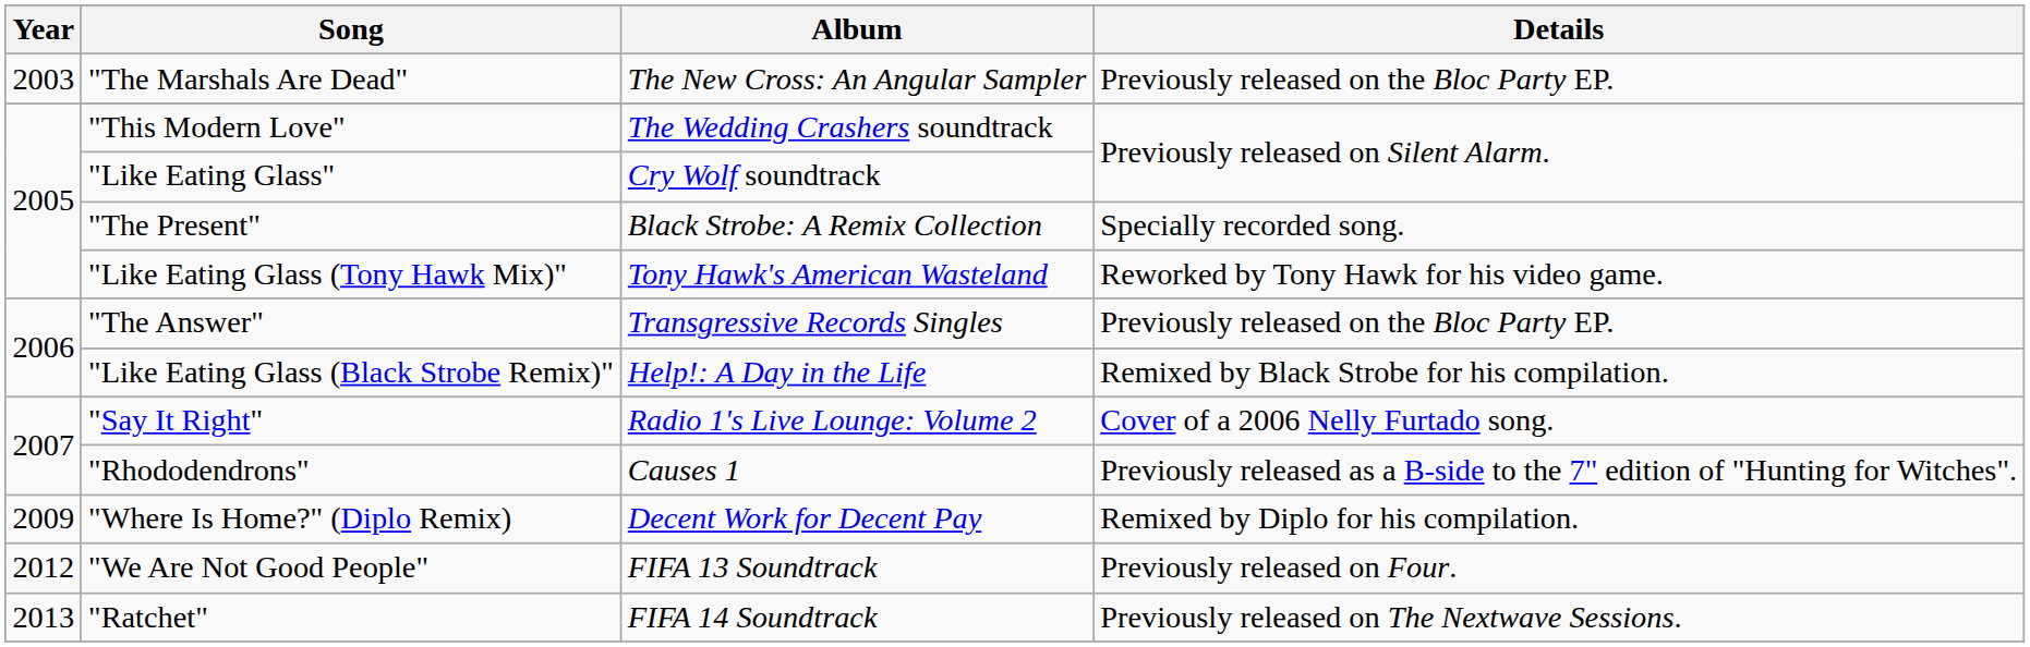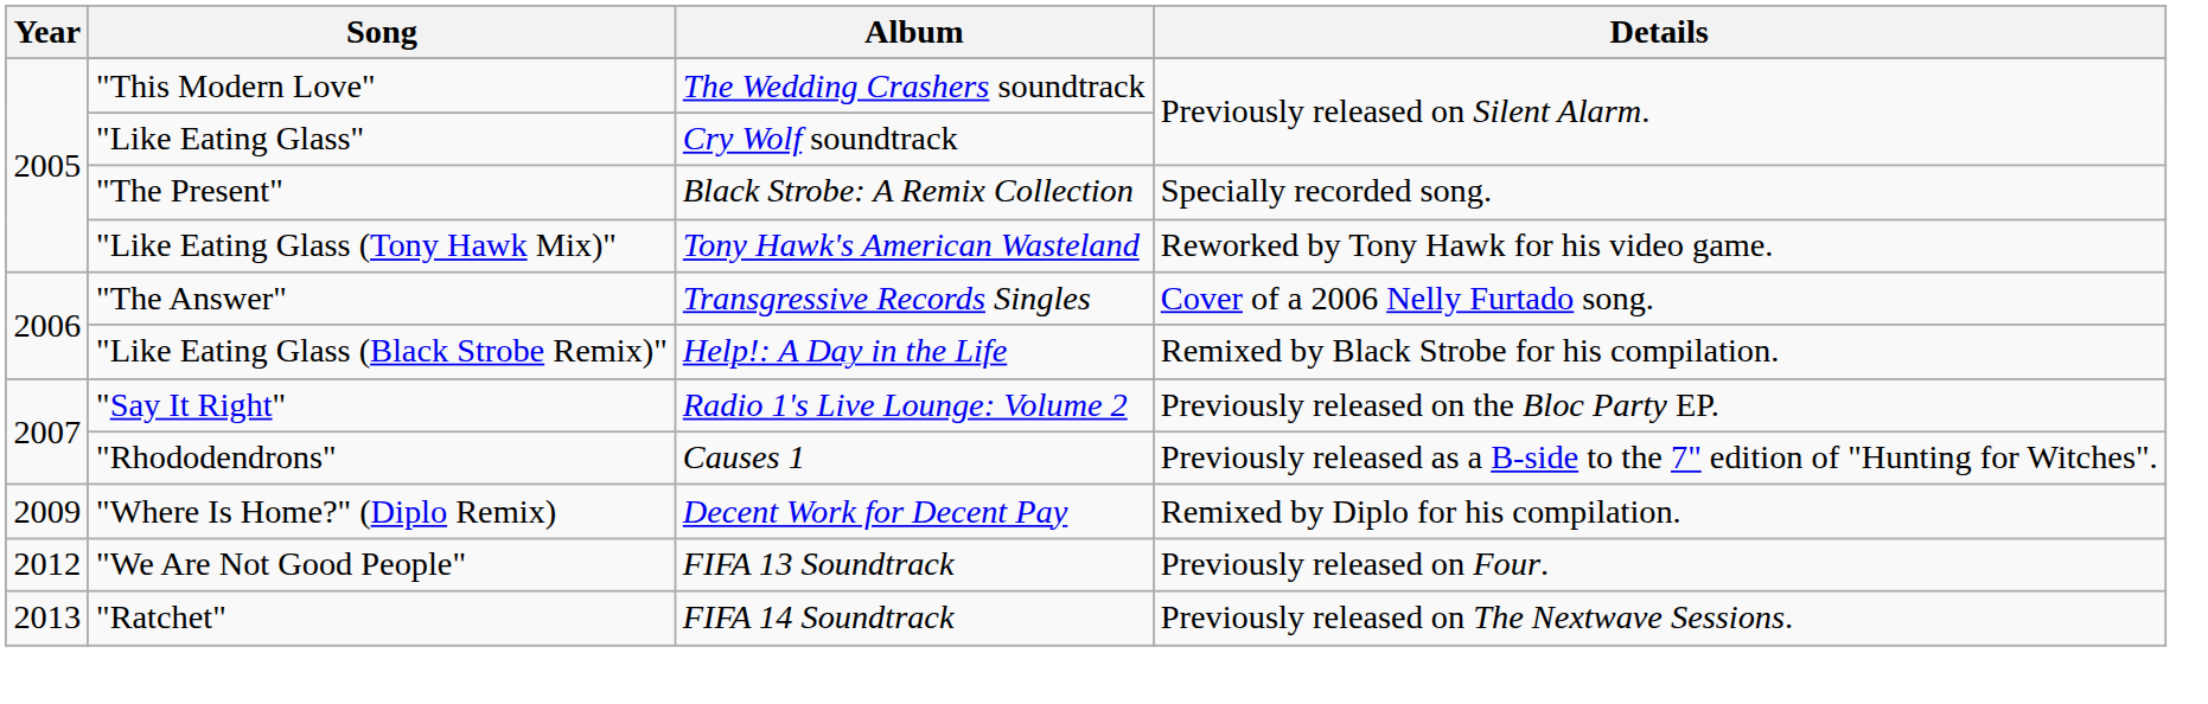 <table class="wikitable" border="1" style="align:left;">
 <tr>
 <th>Year</th>
 <th>Song</th>
 <th>Album</th>
 <th>Details</th>
-</tr>
-<tr>
-<td>2003</td>
-<td>"The Marshals Are Dead"</td>
-<td><em>The New Cross: An Angular Sampler</em></td>
-<td>Previously released on the <em>Bloc Party</em> EP.</td>
 </tr>
 <tr>
 <td rowspan="5">2005</td>
 </tr>
 <tr>
 <td>"This Modern Love"</td>
 <td><em><a href='#'>The Wedding Crashers</a></em> soundtrack</td>
 <td rowspan="2">Previously released on <em>Silent Alarm</em>.</td>
 </tr>
 <tr>
 <td>"Like Eating Glass"</td>
 <td><em><a href='#'>Cry Wolf</a></em> soundtrack</td>
 </tr>
 <tr>
 <td>"The Present"</td>
 <td><em>Black Strobe: A Remix Collection</em></td>
 <td>Specially recorded song.</td>
 </tr>
 <tr>
 <td>"Like Eating Glass (<a href='#'>Tony Hawk</a> Mix)"</td>
 <td><em><a href='#'>Tony Hawk's American Wasteland</a></em></td>
 <td>Reworked by Tony Hawk for his video game.</td>
 </tr>
 <tr>
 <td rowspan="2">2006</td>
 <td>"The Answer"</td>
 <td><em><a href='#'>Transgressive Records</a> Singles</em></td>
-<td>Previously released on the <em>Bloc Party</em> EP.</td>
+<td><a href='#'>Cover</a> of a 2006 <a href='#'>Nelly Furtado</a> song.</td>
 </tr>
 <tr>
 <td>"Like Eating Glass (<a href='#'>Black Strobe</a> Remix)"</td>
 <td><em><a href='#'>Help!: A Day in the Life</a></em></td>
 <td>Remixed by Black Strobe for his compilation.</td>
 </tr>
 <tr>
 <td rowspan="2">2007</td>
 <td>"<a href='#'>Say It Right</a>"</td>
 <td><em><a href='#'>Radio 1's Live Lounge: Volume 2</a></em></td>
-<td><a href='#'>Cover</a> of a 2006 <a href='#'>Nelly Furtado</a> song.</td>
+<td>Previously released on the <em>Bloc Party</em> EP.</td>
 </tr>
 <tr>
 <td>"Rhododendrons"</td>
 <td><em>Causes 1</em></td>
 <td>Previously released as a <a href='#'>B-side</a> to the <a href='#'>7"</a> edition of "Hunting for Witches".</td>
 </tr>
 <tr>
 <td>2009</td>
 <td>"Where Is Home?" (<a href='#'>Diplo</a> Remix)</td>
 <td><em><a href='#'>Decent Work for Decent Pay</a></em></td>
 <td>Remixed by Diplo for his compilation.</td>
 </tr>
 <tr>
 <td>2012</td>
 <td>"We Are Not Good People"</td>
 <td><em>FIFA 13 Soundtrack</em></td>
 <td>Previously released on <em>Four</em>.</td>
 </tr>
 <tr>
 <td>2013</td>
 <td>"Ratchet"</td>
 <td><em>FIFA 14 Soundtrack</em></td>
 <td>Previously released on <em>The Nextwave Sessions</em>.</td>
 </tr>
 </table>
